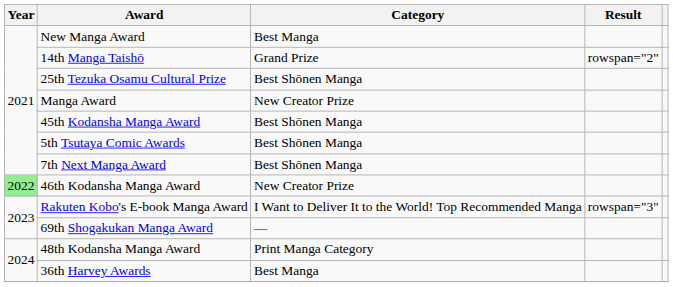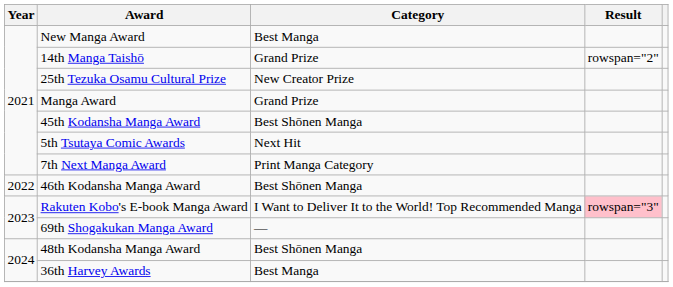 <table class="wikitable">
 <tr>
 <th>Year</th>
 <th>Award</th>
 <th>Category</th>
 <th>Result</th>
 <th></th>
 </tr>
 <tr>
 <td rowspan="7" align="center">2021</td>
 <td>New Manga Award</td>
 <td>Best Manga</td>
 <td></td>
 <td align="center"></td>
 </tr>
 <tr>
 <td>14th <a href='#'>Manga Taishō</a></td>
 <td>Grand Prize</td>
 <td>rowspan="2" </td>
 <td align="center"></td>
 </tr>
 <tr>
 <td>25th <a href='#'>Tezuka Osamu Cultural Prize</a></td>
-<td>Best Shōnen Manga</td>
+<td>New Creator Prize</td>
 <td align="center"></td>
 </tr>
 <tr>
 <td> Manga Award</td>
-<td>New Creator Prize</td>
+<td>Grand Prize</td>
 <td></td>
 <td align="center"></td>
 </tr>
 <tr>
 <td>45th <a href='#'>Kodansha Manga Award</a></td>
 <td>Best Shōnen Manga</td>
 <td></td>
 <td align="center"></td>
 </tr>
 <tr>
 <td>5th <a href='#'>Tsutaya Comic Awards</a></td>
-<td>Best Shōnen Manga</td>
+<td>Next Hit</td>
 <td></td>
 <td align="center"></td>
 </tr>
 <tr>
 <td>7th <a href='#'>Next Manga Award</a></td>
-<td>Best Shōnen Manga</td>
+<td>Print Manga Category</td>
 <td></td>
 <td align="center"></td>
 </tr>
 <tr>
-<td align="center" style="background: lightgreen;">2022</td>
+<td align="center">2022</td>
 <td>46th Kodansha Manga Award</td>
-<td>New Creator Prize</td>
+<td>Best Shōnen Manga</td>
 <td></td>
 <td align="center"></td>
 </tr>
 <tr>
 <td rowspan="2" align="center">2023</td>
 <td><a href='#'>Rakuten Kobo</a>'s E-book Manga Award</td>
 <td>I Want to Deliver It to the World! Top Recommended Manga</td>
-<td>rowspan="3" </td>
+<td style="background: pink;">rowspan="3" </td>
 <td align="center"></td>
 </tr>
 <tr>
 <td>69th <a href='#'>Shogakukan Manga Award</a></td>
 <td>—</td>
 <td align="center"></td>
 </tr>
 <tr>
 <td rowspan="2" align="center">2024</td>
 <td>48th Kodansha Manga Award</td>
-<td>Print Manga Category</td>
+<td>Best Shōnen Manga</td>
 <td align="center"></td>
 </tr>
 <tr>
 <td>36th <a href='#'>Harvey Awards</a></td>
 <td>Best Manga</td>
 <td></td>
 <td align="center"></td>
 </tr>
 <tr>
 </tr>
 </table>
